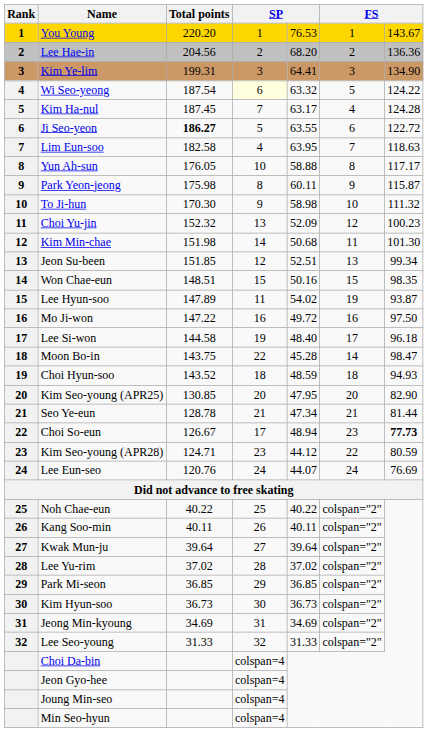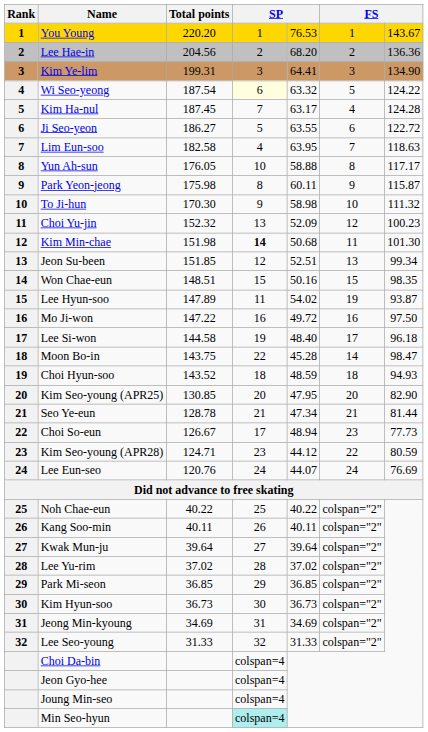 <table class="wikitable sortable">
 <tr>
 <th>Rank</th>
 <th>Name</th>
 <th>Total points</th>
 <th colspan="2" width="80px"><a href='#'>SP</a></th>
 <th colspan="2" width="80px"><a href='#'>FS</a></th>
 </tr>
 <tr bgcolor="gold">
 <td align="center"><strong>1</strong></td>
 <td><a href='#'>You Young</a></td>
 <td align="center">220.20</td>
 <td align="center">1</td>
 <td align="center">76.53</td>
 <td align="center">1</td>
 <td align="center">143.67</td>
 </tr>
 <tr bgcolor="silver">
 <td align="center"><strong>2</strong></td>
 <td><a href='#'>Lee Hae-in</a></td>
 <td align="center">204.56</td>
 <td align="center">2</td>
 <td align="center">68.20</td>
 <td align="center">2</td>
 <td align="center">136.36</td>
 </tr>
 <tr bgcolor="cc9966">
 <td align="center"><strong>3</strong></td>
 <td><a href='#'>Kim Ye-lim</a></td>
 <td align="center">199.31</td>
 <td align="center">3</td>
 <td align="center">64.41</td>
 <td align="center">3</td>
 <td align="center">134.90</td>
 </tr>
 <tr>
 <th>4</th>
 <td><a href='#'>Wi Seo-yeong</a></td>
 <td align="center">187.54</td>
 <td align="center" style="background: lightyellow;">6</td>
 <td align="center">63.32</td>
 <td align="center">5</td>
 <td align="center">124.22</td>
 </tr>
 <tr>
 <th>5</th>
 <td><a href='#'>Kim Ha-nul</a></td>
 <td align="center">187.45</td>
 <td align="center">7</td>
 <td align="center">63.17</td>
 <td align="center">4</td>
 <td align="center">124.28</td>
 </tr>
 <tr>
 <th>6</th>
 <td><a href='#'>Ji Seo-yeon</a></td>
-<td align="center"><strong>186.27</strong></td>
+<td align="center">186.27</td>
 <td align="center">5</td>
 <td align="center">63.55</td>
 <td align="center">6</td>
 <td align="center">122.72</td>
 </tr>
 <tr>
 <th>7</th>
 <td><a href='#'>Lim Eun-soo</a></td>
 <td align="center">182.58</td>
 <td align="center">4</td>
 <td align="center">63.95</td>
 <td align="center">7</td>
 <td align="center">118.63</td>
 </tr>
 <tr>
 <th>8</th>
 <td><a href='#'>Yun Ah-sun</a></td>
 <td align="center">176.05</td>
 <td align="center">10</td>
 <td align="center">58.88</td>
 <td align="center">8</td>
 <td align="center">117.17</td>
 </tr>
 <tr>
 <th>9</th>
 <td><a href='#'>Park Yeon-jeong</a></td>
 <td align="center">175.98</td>
 <td align="center">8</td>
 <td align="center">60.11</td>
 <td align="center">9</td>
 <td align="center">115.87</td>
 </tr>
 <tr>
 <th>10</th>
 <td><a href='#'>To Ji-hun</a></td>
 <td align="center">170.30</td>
 <td align="center">9</td>
 <td align="center">58.98</td>
 <td align="center">10</td>
 <td align="center">111.32</td>
 </tr>
 <tr>
 <th>11</th>
 <td><a href='#'>Choi Yu-jin</a></td>
 <td align="center">152.32</td>
 <td align="center">13</td>
 <td align="center">52.09</td>
 <td align="center">12</td>
 <td align="center">100.23</td>
 </tr>
 <tr>
 <th>12</th>
 <td><a href='#'>Kim Min-chae</a></td>
 <td align="center">151.98</td>
-<td align="center">14</td>
+<td align="center"><strong>14</strong></td>
 <td align="center">50.68</td>
 <td align="center">11</td>
 <td align="center">101.30</td>
 </tr>
 <tr>
 <th>13</th>
 <td>Jeon Su-been</td>
 <td align="center">151.85</td>
 <td align="center">12</td>
 <td align="center">52.51</td>
 <td align="center">13</td>
 <td align="center">99.34</td>
 </tr>
 <tr>
 <th>14</th>
 <td>Won Chae-eun</td>
 <td align="center">148.51</td>
 <td align="center">15</td>
 <td align="center">50.16</td>
 <td align="center">15</td>
 <td align="center">98.35</td>
 </tr>
 <tr>
 <th>15</th>
 <td>Lee Hyun-soo</td>
 <td align="center">147.89</td>
 <td align="center">11</td>
 <td align="center">54.02</td>
 <td align="center">19</td>
 <td align="center">93.87</td>
 </tr>
 <tr>
 <th>16</th>
 <td>Mo Ji-won</td>
 <td align="center">147.22</td>
 <td align="center">16</td>
 <td align="center">49.72</td>
 <td align="center">16</td>
 <td align="center">97.50</td>
 </tr>
 <tr>
 <th>17</th>
 <td>Lee Si-won</td>
 <td align="center">144.58</td>
 <td align="center">19</td>
 <td align="center">48.40</td>
 <td align="center">17</td>
 <td align="center">96.18</td>
 </tr>
 <tr>
 <th>18</th>
 <td>Moon Bo-in</td>
 <td align="center">143.75</td>
 <td align="center">22</td>
 <td align="center">45.28</td>
 <td align="center">14</td>
 <td align="center">98.47</td>
 </tr>
 <tr>
 <th>19</th>
 <td>Choi Hyun-soo</td>
 <td align="center">143.52</td>
 <td align="center">18</td>
 <td align="center">48.59</td>
 <td align="center">18</td>
 <td align="center">94.93</td>
 </tr>
 <tr>
 <th>20</th>
 <td>Kim Seo-young (APR25)</td>
 <td align="center">130.85</td>
 <td align="center">20</td>
 <td align="center">47.95</td>
 <td align="center">20</td>
 <td align="center">82.90</td>
 </tr>
 <tr>
 <th>21</th>
 <td>Seo Ye-eun</td>
 <td align="center">128.78</td>
 <td align="center">21</td>
 <td align="center">47.34</td>
 <td align="center">21</td>
 <td align="center">81.44</td>
 </tr>
 <tr>
 <th>22</th>
 <td>Choi So-eun</td>
 <td align="center">126.67</td>
 <td align="center">17</td>
 <td align="center">48.94</td>
 <td align="center">23</td>
-<td align="center"><strong>77.73</strong></td>
+<td align="center">77.73</td>
 </tr>
 <tr>
 <th>23</th>
 <td>Kim Seo-young (APR28)</td>
 <td align="center">124.71</td>
 <td align="center">23</td>
 <td align="center">44.12</td>
 <td align="center">22</td>
 <td align="center">80.59</td>
 </tr>
 <tr>
 <th>24</th>
 <td>Lee Eun-seo</td>
 <td align="center">120.76</td>
 <td align="center">24</td>
 <td align="center">44.07</td>
 <td align="center">24</td>
 <td align="center">76.69</td>
 </tr>
 <tr>
 <th colspan="7">Did not advance to free skating</th>
 </tr>
 <tr>
 <th>25</th>
 <td>Noh Chae-eun</td>
 <td align="center">40.22</td>
 <td align="center">25</td>
 <td align="center">40.22</td>
 <td>colspan="2" </td>
 </tr>
 <tr>
 <th>26</th>
 <td>Kang Soo-min</td>
 <td align="center">40.11</td>
 <td align="center">26</td>
 <td align="center">40.11</td>
 <td>colspan="2" </td>
 </tr>
 <tr>
 <th>27</th>
 <td>Kwak Mun-ju</td>
 <td align="center">39.64</td>
 <td align="center">27</td>
 <td align="center">39.64</td>
 <td>colspan="2" </td>
 </tr>
 <tr>
 <th>28</th>
 <td>Lee Yu-rim</td>
 <td align="center">37.02</td>
 <td align="center">28</td>
 <td align="center">37.02</td>
 <td>colspan="2" </td>
 </tr>
 <tr>
 <th>29</th>
 <td>Park Mi-seon</td>
 <td align="center">36.85</td>
 <td align="center">29</td>
 <td align="center">36.85</td>
 <td>colspan="2" </td>
 </tr>
 <tr>
 <th>30</th>
 <td>Kim Hyun-soo</td>
 <td align="center">36.73</td>
 <td align="center">30</td>
 <td align="center">36.73</td>
 <td>colspan="2" </td>
 </tr>
 <tr>
 <th>31</th>
 <td>Jeong Min-kyoung</td>
 <td align="center">34.69</td>
 <td align="center">31</td>
 <td align="center">34.69</td>
 <td>colspan="2" </td>
 </tr>
 <tr>
 <th>32</th>
 <td>Lee Seo-young</td>
 <td align="center">31.33</td>
 <td align="center">32</td>
 <td align="center">31.33</td>
 <td>colspan="2" </td>
 </tr>
 <tr>
 <th></th>
 <td><a href='#'>Choi Da-bin</a></td>
 <td></td>
 <td>colspan=4 </td>
 </tr>
 <tr>
 <th></th>
 <td>Jeon Gyo-hee</td>
 <td></td>
 <td>colspan=4 </td>
 </tr>
 <tr>
 <th></th>
 <td>Joung Min-seo</td>
 <td></td>
 <td>colspan=4 </td>
 </tr>
 <tr>
 <th></th>
 <td>Min Seo-hyun</td>
 <td></td>
-<td>colspan=4 </td>
+<td style="background: paleturquoise;">colspan=4 </td>
 </tr>
 </table>
